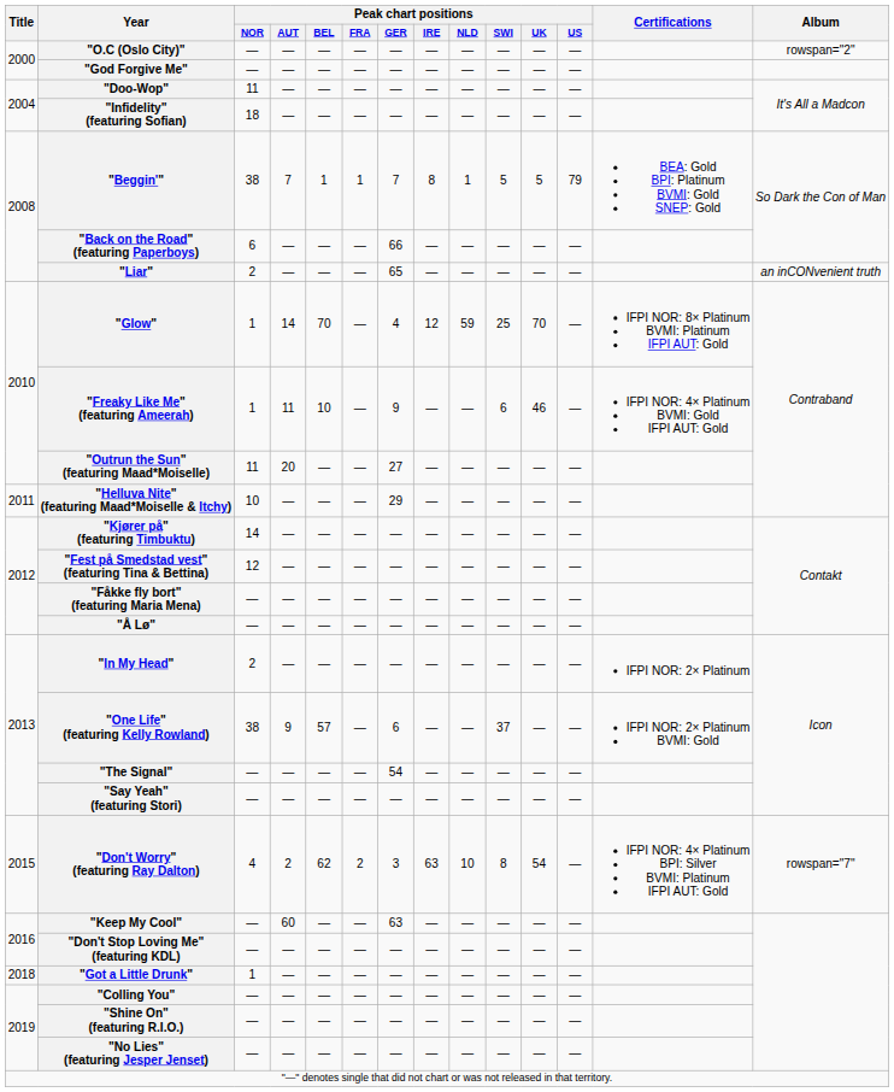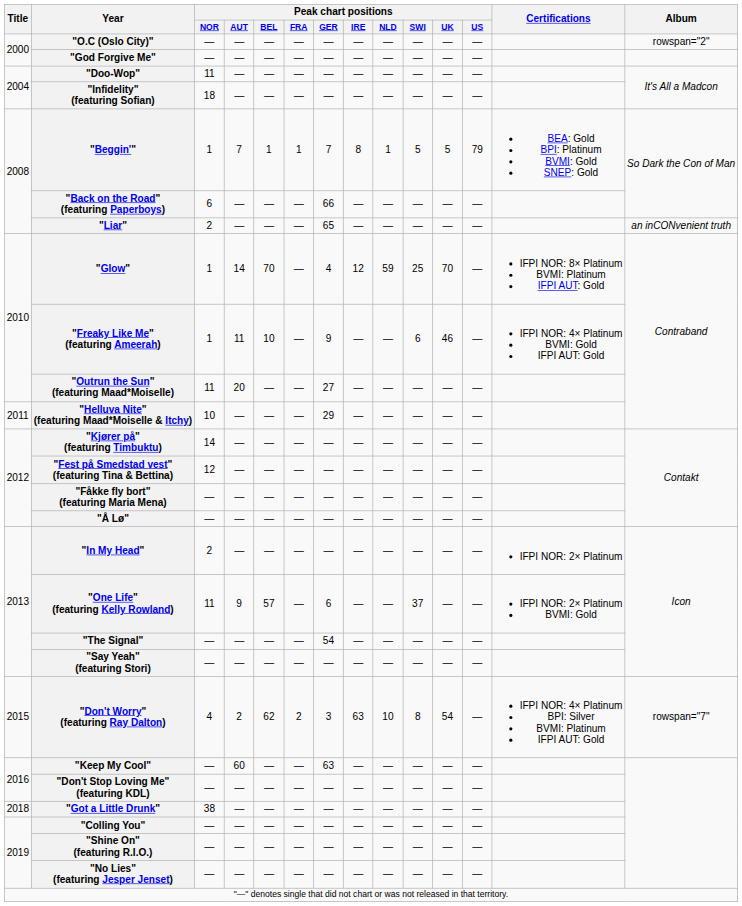 <table class="wikitable plainrowheaders" style="text-align:center;">
 <tr>
 <th scope="col" rowspan="2">Title</th>
 <th scope="col" rowspan="2">Year</th>
 <th scope="col" colspan="10">Peak chart positions</th>
 <th scope="col" rowspan="2"><a href='#'>Certifications</a></th>
 <th scope="col" rowspan="2">Album</th>
 </tr>
 <tr>
 <th scope="col" style="width:3em;font-size:85%;"><a href='#'>NOR</a><br></th>
 <th scope="col" style="width:3em;font-size:85%;"><a href='#'>AUT</a><br></th>
 <th scope="col" style="width:3em;font-size:85%;"><a href='#'>BEL</a><br></th>
 <th scope="col" style="width:3em;font-size:85%;"><a href='#'>FRA</a><br></th>
 <th scope="col" style="width:3em;font-size:85%;"><a href='#'>GER</a><br></th>
 <th scope="col" style="width:3em;font-size:85%;"><a href='#'>IRE</a><br></th>
 <th scope="col" style="width:3em;font-size:85%;"><a href='#'>NLD</a><br></th>
 <th scope="col" style="width:3em;font-size:85%;"><a href='#'>SWI</a><br></th>
 <th scope="col" style="width:3em;font-size:85%;"><a href='#'>UK</a><br></th>
 <th scope="col" style="width:3em;font-size:85%;"><a href='#'>US</a><br></th>
 </tr>
 <tr>
 <td rowspan="2">2000</td>
 <th scope="row">"O.C (Oslo City)"</th>
 <td>—</td>
 <td>—</td>
 <td>—</td>
 <td>—</td>
 <td>—</td>
 <td>—</td>
 <td>—</td>
 <td>—</td>
 <td>—</td>
 <td>—</td>
 <td></td>
 <td>rowspan="2" </td>
 </tr>
 <tr>
 <th scope="row">"God Forgive Me"</th>
 <td>—</td>
 <td>—</td>
 <td>—</td>
 <td>—</td>
 <td>—</td>
 <td>—</td>
 <td>—</td>
 <td>—</td>
 <td>—</td>
 <td>—</td>
 <td></td>
 </tr>
 <tr>
 <td rowspan="2">2004</td>
 <th scope="row">"Doo-Wop"</th>
 <td>11</td>
 <td>—</td>
 <td>—</td>
 <td>—</td>
 <td>—</td>
 <td>—</td>
 <td>—</td>
 <td>—</td>
 <td>—</td>
 <td>—</td>
 <td></td>
 <td rowspan="2"><em>It's All a Madcon</em></td>
 </tr>
 <tr>
 <th scope="row">"Infidelity"<br><span>(featuring Sofian)</span></th>
 <td>18</td>
 <td>—</td>
 <td>—</td>
 <td>—</td>
 <td>—</td>
 <td>—</td>
 <td>—</td>
 <td>—</td>
 <td>—</td>
 <td>—</td>
 <td></td>
 </tr>
 <tr>
 <td rowspan="3">2008</td>
 <th scope="row">"<a href='#'>Beggin'</a>"</th>
-<td>38<br></td>
+<td>1</td>
 <td>7</td>
 <td>1</td>
 <td>1</td>
 <td>7</td>
 <td>8</td>
 <td>1</td>
 <td>5</td>
 <td>5</td>
 <td>79</td>
 <td><br><ul><li><a href='#'>BEA</a>: Gold</li><li><a href='#'>BPI</a>: Platinum</li><li><a href='#'>BVMI</a>: Gold</li><li><a href='#'>SNEP</a>: Gold</li></ul></td>
 <td rowspan="2"><em>So Dark the Con of Man</em></td>
 </tr>
 <tr>
 <th scope="row">"<a href='#'>Back on the Road</a>"<br><span>(featuring <a href='#'>Paperboys</a>)</span></th>
 <td>6</td>
 <td>—</td>
 <td>—</td>
 <td>—</td>
 <td>66</td>
 <td>—</td>
 <td>—</td>
 <td>—</td>
 <td>—</td>
 <td>—</td>
 <td></td>
 </tr>
 <tr>
 <th scope="row">"<a href='#'>Liar</a>"</th>
 <td>2</td>
 <td>—</td>
 <td>—</td>
 <td>—</td>
 <td>65</td>
 <td>—</td>
 <td>—</td>
 <td>—</td>
 <td>—</td>
 <td>—</td>
 <td></td>
 <td><em>an inCONvenient truth</em></td>
 </tr>
 <tr>
 <td rowspan="3">2010</td>
 <th scope="row">"<a href='#'>Glow</a>"</th>
 <td>1</td>
 <td>14</td>
 <td>70</td>
 <td>—</td>
 <td>4</td>
 <td>12</td>
 <td>59</td>
 <td>25</td>
 <td>70</td>
 <td>—</td>
 <td><br><ul><li>IFPI NOR: 8× Platinum</li><li>BVMI: Platinum</li><li><a href='#'>IFPI AUT</a>: Gold</li></ul></td>
 <td rowspan="4"><em>Contraband</em></td>
 </tr>
 <tr>
 <th scope="row">"<a href='#'>Freaky Like Me</a>"<br><span>(featuring <a href='#'>Ameerah</a>)</span></th>
 <td>1</td>
 <td>11</td>
 <td>10</td>
 <td>—</td>
 <td>9</td>
 <td>—</td>
 <td>—</td>
 <td>6</td>
 <td>46</td>
 <td>—</td>
 <td><br><ul><li>IFPI NOR: 4× Platinum</li><li>BVMI: Gold</li><li>IFPI AUT: Gold</li></ul></td>
 </tr>
 <tr>
 <th scope="row">"<a href='#'>Outrun the Sun</a>"<br><span>(featuring Maad*Moiselle)</span></th>
 <td>11</td>
 <td>20</td>
 <td>—</td>
 <td>—</td>
 <td>27</td>
 <td>—</td>
 <td>—</td>
 <td>—</td>
 <td>—</td>
 <td>—</td>
 <td></td>
 </tr>
 <tr>
 <td>2011</td>
 <th scope="row">"<a href='#'>Helluva Nite</a>"<br><span>(featuring Maad*Moiselle & <a href='#'>Itchy</a>)</span></th>
 <td>10</td>
 <td>—</td>
 <td>—</td>
 <td>—</td>
 <td>29</td>
 <td>—</td>
 <td>—</td>
 <td>—</td>
 <td>—</td>
 <td>—</td>
 <td></td>
 </tr>
 <tr>
 <td rowspan="4">2012</td>
 <th scope="row">"<a href='#'>Kjører på</a>"<br><span>(featuring <a href='#'>Timbuktu</a>)</span></th>
 <td>14</td>
 <td>—</td>
 <td>—</td>
 <td>—</td>
 <td>—</td>
 <td>—</td>
 <td>—</td>
 <td>—</td>
 <td>—</td>
 <td>—</td>
 <td></td>
 <td rowspan="4"><em>Contakt</em></td>
 </tr>
 <tr>
 <th scope="row">"<a href='#'>Fest på Smedstad vest</a>"<br><span>(featuring Tina & Bettina)</span></th>
 <td>12</td>
 <td>—</td>
 <td>—</td>
 <td>—</td>
 <td>—</td>
 <td>—</td>
 <td>—</td>
 <td>—</td>
 <td>—</td>
 <td>—</td>
 <td></td>
 </tr>
 <tr>
 <th scope="row">"Fåkke fly bort"<br><span>(featuring Maria Mena)</span></th>
 <td>—</td>
 <td>—</td>
 <td>—</td>
 <td>—</td>
 <td>—</td>
 <td>—</td>
 <td>—</td>
 <td>—</td>
 <td>—</td>
 <td>—</td>
 <td></td>
 </tr>
 <tr>
 <th scope="row">"Å Lø"</th>
 <td>—</td>
 <td>—</td>
 <td>—</td>
 <td>—</td>
 <td>—</td>
 <td>—</td>
 <td>—</td>
 <td>—</td>
 <td>—</td>
 <td>—</td>
 <td></td>
 </tr>
 <tr>
 <td rowspan="4">2013</td>
 <th scope="row">"<a href='#'>In My Head</a>"</th>
 <td>2</td>
 <td>—</td>
 <td>—</td>
 <td>—</td>
 <td>—</td>
 <td>—</td>
 <td>—</td>
 <td>—</td>
 <td>—</td>
 <td>—</td>
 <td><br><ul><li>IFPI NOR: 2× Platinum</li></ul></td>
 <td rowspan="4"><em>Icon</em></td>
 </tr>
 <tr>
 <th scope="row">"<a href='#'>One Life</a>"<br><span>(featuring <a href='#'>Kelly Rowland</a>)</span></th>
-<td>38<br></td>
+<td>11</td>
 <td>9</td>
 <td>57</td>
 <td>—</td>
 <td>6</td>
 <td>—</td>
 <td>—</td>
 <td>37</td>
 <td>—</td>
 <td>—</td>
 <td><br><ul><li>IFPI NOR: 2× Platinum</li><li>BVMI: Gold</li></ul></td>
 </tr>
 <tr>
 <th scope="row">"The Signal"</th>
 <td>—</td>
 <td>—</td>
 <td>—</td>
 <td>—</td>
 <td>54</td>
 <td>—</td>
 <td>—</td>
 <td>—</td>
 <td>—</td>
 <td>—</td>
 </tr>
 <tr>
 <th scope="row">"Say Yeah"<br><span>(featuring Stori)</span></th>
 <td>—</td>
 <td>—</td>
 <td>—</td>
 <td>—</td>
 <td>—</td>
 <td>—</td>
 <td>—</td>
 <td>—</td>
 <td>—</td>
 <td>—</td>
 <td></td>
 </tr>
 <tr>
 <td>2015</td>
 <th scope="row">"<a href='#'>Don't Worry</a>"<br><span>(featuring <a href='#'>Ray Dalton</a>)</span></th>
 <td>4</td>
 <td>2</td>
 <td>62</td>
 <td>2</td>
 <td>3</td>
 <td>63</td>
 <td>10</td>
 <td>8</td>
 <td>54</td>
 <td>—</td>
 <td><br><ul><li>IFPI NOR: 4× Platinum</li><li>BPI: Silver</li><li>BVMI: Platinum</li><li>IFPI AUT: Gold</li></ul></td>
 <td>rowspan="7" </td>
 </tr>
 <tr>
 <td rowspan="2">2016</td>
 <th scope="row">"Keep My Cool"</th>
 <td>—</td>
 <td>60</td>
 <td>—</td>
 <td>—</td>
 <td>63</td>
 <td>—</td>
 <td>—</td>
 <td>—</td>
 <td>—</td>
 <td>—</td>
 <td></td>
 </tr>
 <tr>
 <th scope="row">"Don't Stop Loving Me"<br><span>(featuring KDL)</span></th>
 <td>—</td>
 <td>—</td>
 <td>—</td>
 <td>—</td>
 <td>—</td>
 <td>—</td>
 <td>—</td>
 <td>—</td>
 <td>—</td>
 <td>—</td>
 <td></td>
 </tr>
 <tr>
 <td>2018</td>
 <th scope="row">"<a href='#'>Got a Little Drunk</a>"</th>
-<td>1</td>
+<td>38<br></td>
 <td>—</td>
 <td>—</td>
 <td>—</td>
 <td>—</td>
 <td>—</td>
 <td>—</td>
 <td>—</td>
 <td>—</td>
 <td>—</td>
 <td></td>
 </tr>
 <tr>
 <td rowspan="3">2019</td>
 <th scope="row">"Colling You"</th>
 <td>—</td>
 <td>—</td>
 <td>—</td>
 <td>—</td>
 <td>—</td>
 <td>—</td>
 <td>—</td>
 <td>—</td>
 <td>—</td>
 <td>—</td>
 <td></td>
 </tr>
 <tr>
 <th scope="row">"Shine On"<br><span>(featuring R.I.O.)</span></th>
 <td>—</td>
 <td>—</td>
 <td>—</td>
 <td>—</td>
 <td>—</td>
 <td>—</td>
 <td>—</td>
 <td>—</td>
 <td>—</td>
 <td>—</td>
 <td></td>
 </tr>
 <tr>
 <th scope="row">"No Lies"<br><span>(featuring <a href='#'>Jesper Jenset</a>)</span></th>
 <td>—</td>
 <td>—</td>
 <td>—</td>
 <td>—</td>
 <td>—</td>
 <td>—</td>
 <td>—</td>
 <td>—</td>
 <td>—</td>
 <td>—</td>
 <td></td>
 </tr>
 <tr>
 <td colspan="16" style="font-size:85%">"—" denotes single that did not chart or was not released in that territory.</td>
 </tr>
 </table>
